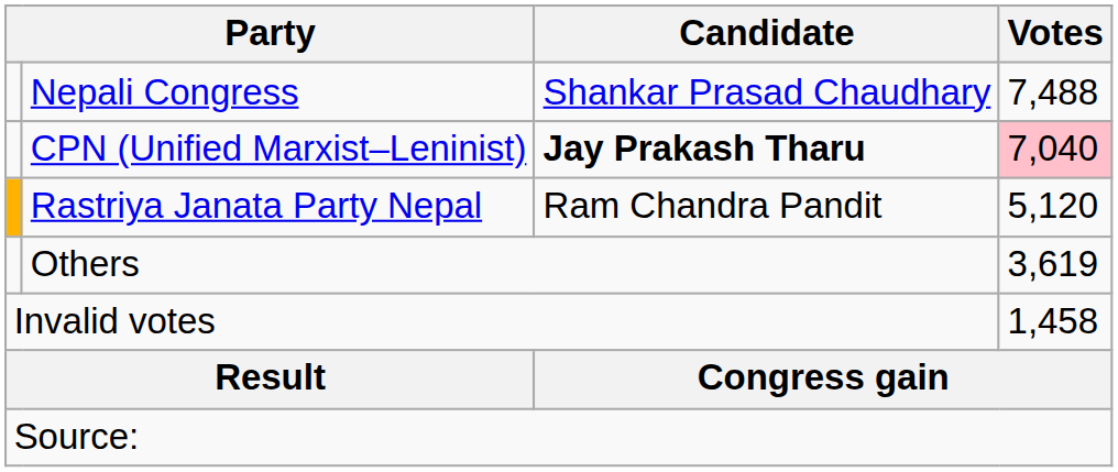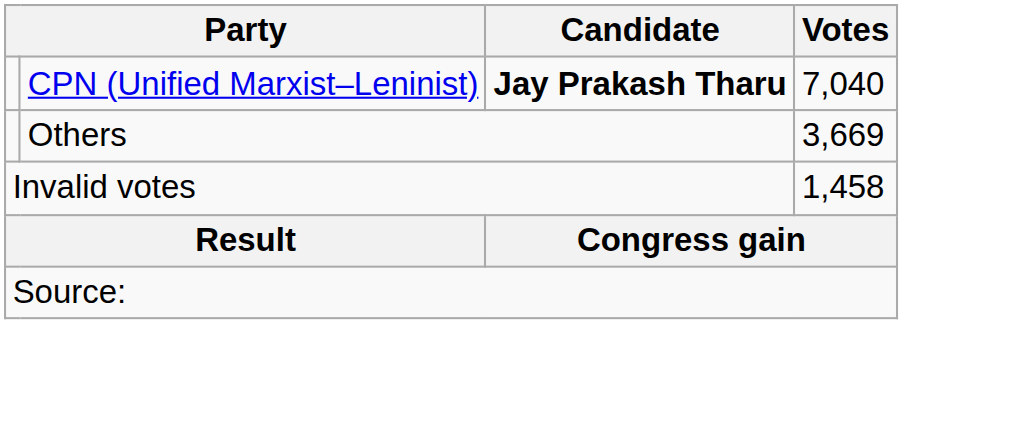 <table class="wikitable">
 <tr>
 <th colspan="2">Party</th>
 <th>Candidate</th>
 <th>Votes</th>
 </tr>
 <tr>
 <td style="background-color:"></td>
-<td><a href='#'>Nepali Congress</a></td>
-<td><a href='#'>Shankar Prasad Chaudhary</a></td>
-<td>7,488</td>
-</tr>
-<tr>
-<td style="background-color:"></td>
 <td><a href='#'>CPN (Unified Marxist–Leninist)</a></td>
 <td><strong>Jay Prakash Tharu</strong></td>
-<td style="background: pink;">7,040</td>
-</tr>
-<tr>
-<td style="background-color:#ffb300"></td>
-<td><a href='#'>Rastriya Janata Party Nepal</a></td>
-<td>Ram Chandra Pandit</td>
-<td>5,120</td>
+<td>7,040</td>
 </tr>
 <tr>
 <td></td>
 <td colspan="2">Others</td>
-<td>3,619</td>
+<td>3,669</td>
 </tr>
 <tr>
 <td colspan="3">Invalid votes</td>
 <td>1,458</td>
 </tr>
 <tr>
 <th colspan="2">Result</th>
 <th colspan="2">Congress gain</th>
 </tr>
 <tr>
 <td colspan="4">Source: </td>
 </tr>
 </table>
